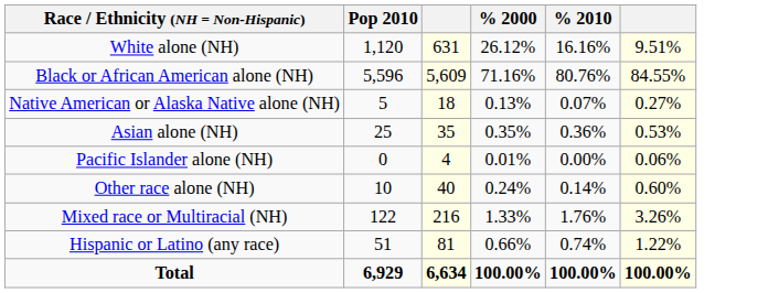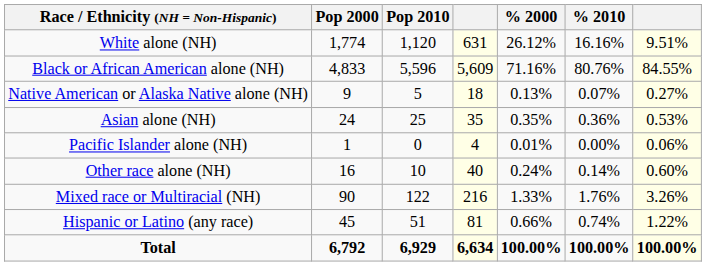 <table class="wikitable" style="text-align:center;">
 <tr>
 <th>Race / Ethnicity <small>(<em>NH = Non-Hispanic</em>)</small></th>
+<th>Pop 2000</th>
 <th>Pop 2010</th>
 <th></th>
 <th>% 2000</th>
 <th>% 2010</th>
 <th></th>
 </tr>
 <tr>
 <td><a href='#'>White</a> alone (NH)</td>
+<td>1,774</td>
 <td>1,120</td>
 <td style='background: #ffffe6;'>631</td>
 <td>26.12%</td>
 <td>16.16%</td>
 <td style='background: #ffffe6;'>9.51%</td>
 </tr>
 <tr>
 <td><a href='#'>Black or African American</a> alone (NH)</td>
+<td>4,833</td>
 <td>5,596</td>
 <td style='background: #ffffe6;'>5,609</td>
 <td>71.16%</td>
 <td>80.76%</td>
 <td style='background: #ffffe6;'>84.55%</td>
 </tr>
 <tr>
 <td><a href='#'>Native American</a> or <a href='#'>Alaska Native</a> alone (NH)</td>
+<td>9</td>
 <td>5</td>
 <td style='background: #ffffe6;'>18</td>
 <td>0.13%</td>
 <td>0.07%</td>
 <td style='background: #ffffe6;'>0.27%</td>
 </tr>
 <tr>
 <td><a href='#'>Asian</a> alone (NH)</td>
+<td>24</td>
 <td>25</td>
 <td style='background: #ffffe6;'>35</td>
 <td>0.35%</td>
 <td>0.36%</td>
 <td style='background: #ffffe6;'>0.53%</td>
 </tr>
 <tr>
 <td><a href='#'>Pacific Islander</a> alone (NH)</td>
+<td>1</td>
 <td>0</td>
 <td style='background: #ffffe6;'>4</td>
 <td>0.01%</td>
 <td>0.00%</td>
 <td style='background: #ffffe6;'>0.06%</td>
 </tr>
 <tr>
 <td><a href='#'>Other race</a> alone (NH)</td>
+<td>16</td>
 <td>10</td>
 <td style='background: #ffffe6;'>40</td>
 <td>0.24%</td>
 <td>0.14%</td>
 <td style='background: #ffffe6;'>0.60%</td>
 </tr>
 <tr>
 <td><a href='#'>Mixed race or Multiracial</a> (NH)</td>
+<td>90</td>
 <td>122</td>
 <td style='background: #ffffe6;'>216</td>
 <td>1.33%</td>
 <td>1.76%</td>
 <td style='background: #ffffe6;'>3.26%</td>
 </tr>
 <tr>
 <td><a href='#'>Hispanic or Latino</a> (any race)</td>
+<td>45</td>
 <td>51</td>
 <td style='background: #ffffe6;'>81</td>
 <td>0.66%</td>
 <td>0.74%</td>
 <td style='background: #ffffe6;'>1.22%</td>
 </tr>
 <tr>
 <td><strong>Total</strong></td>
+<td><strong>6,792</strong></td>
 <td><strong>6,929</strong></td>
 <td style='background: #ffffe6;'><strong>6,634</strong></td>
 <td><strong>100.00%</strong></td>
 <td><strong>100.00%</strong></td>
 <td style='background: #ffffe6;'><strong>100.00%</strong></td>
 </tr>
 </table>
